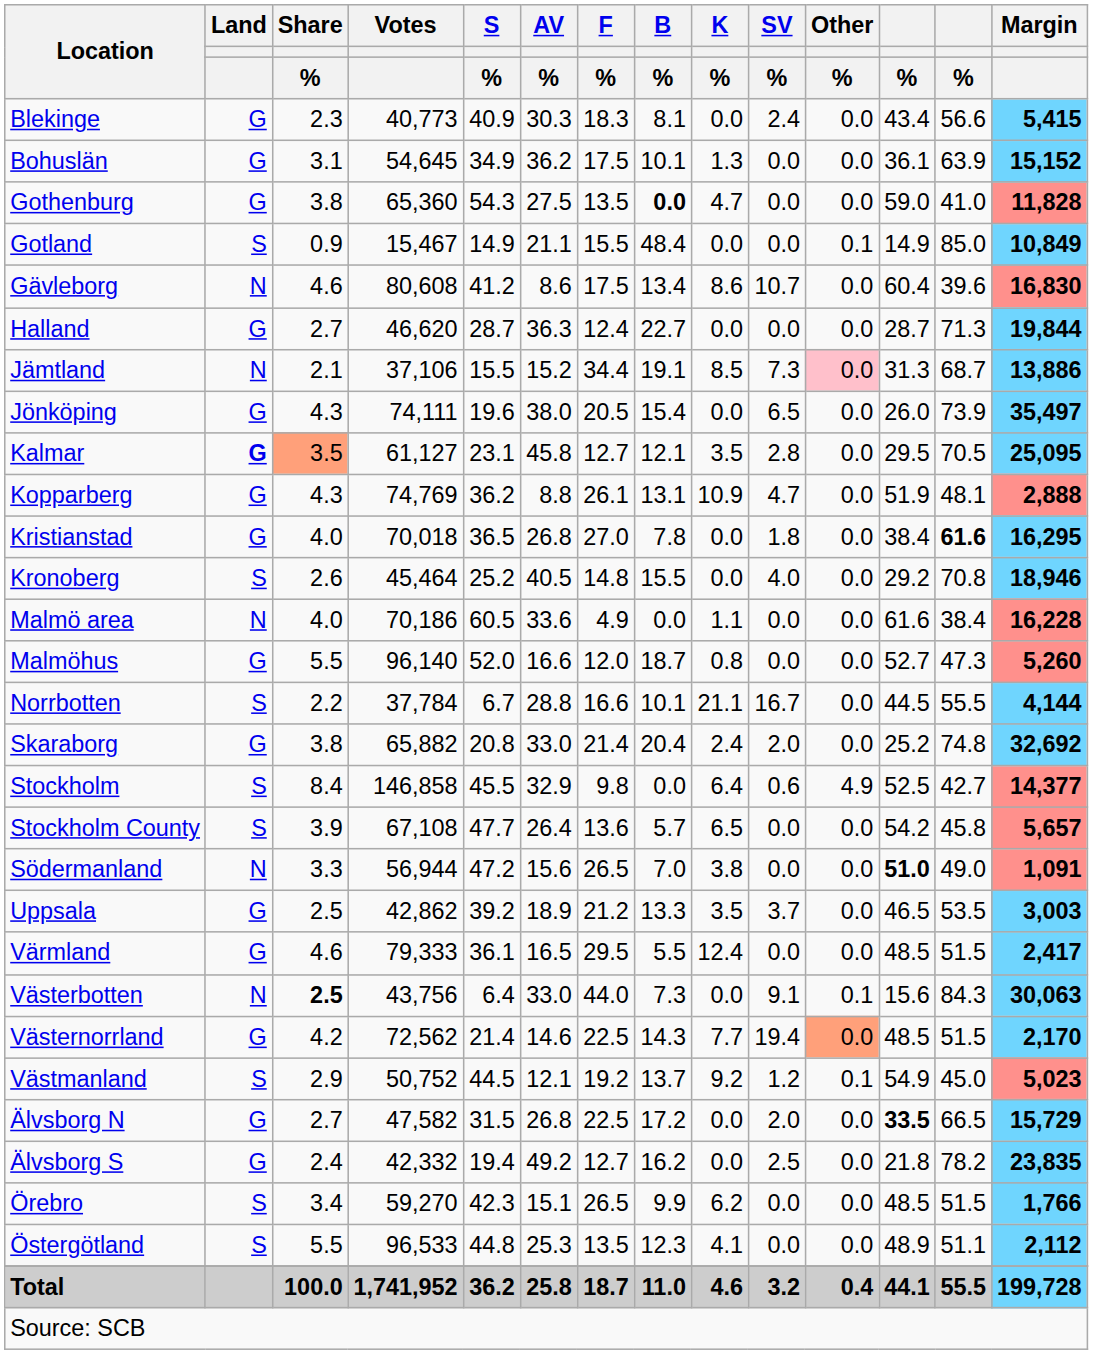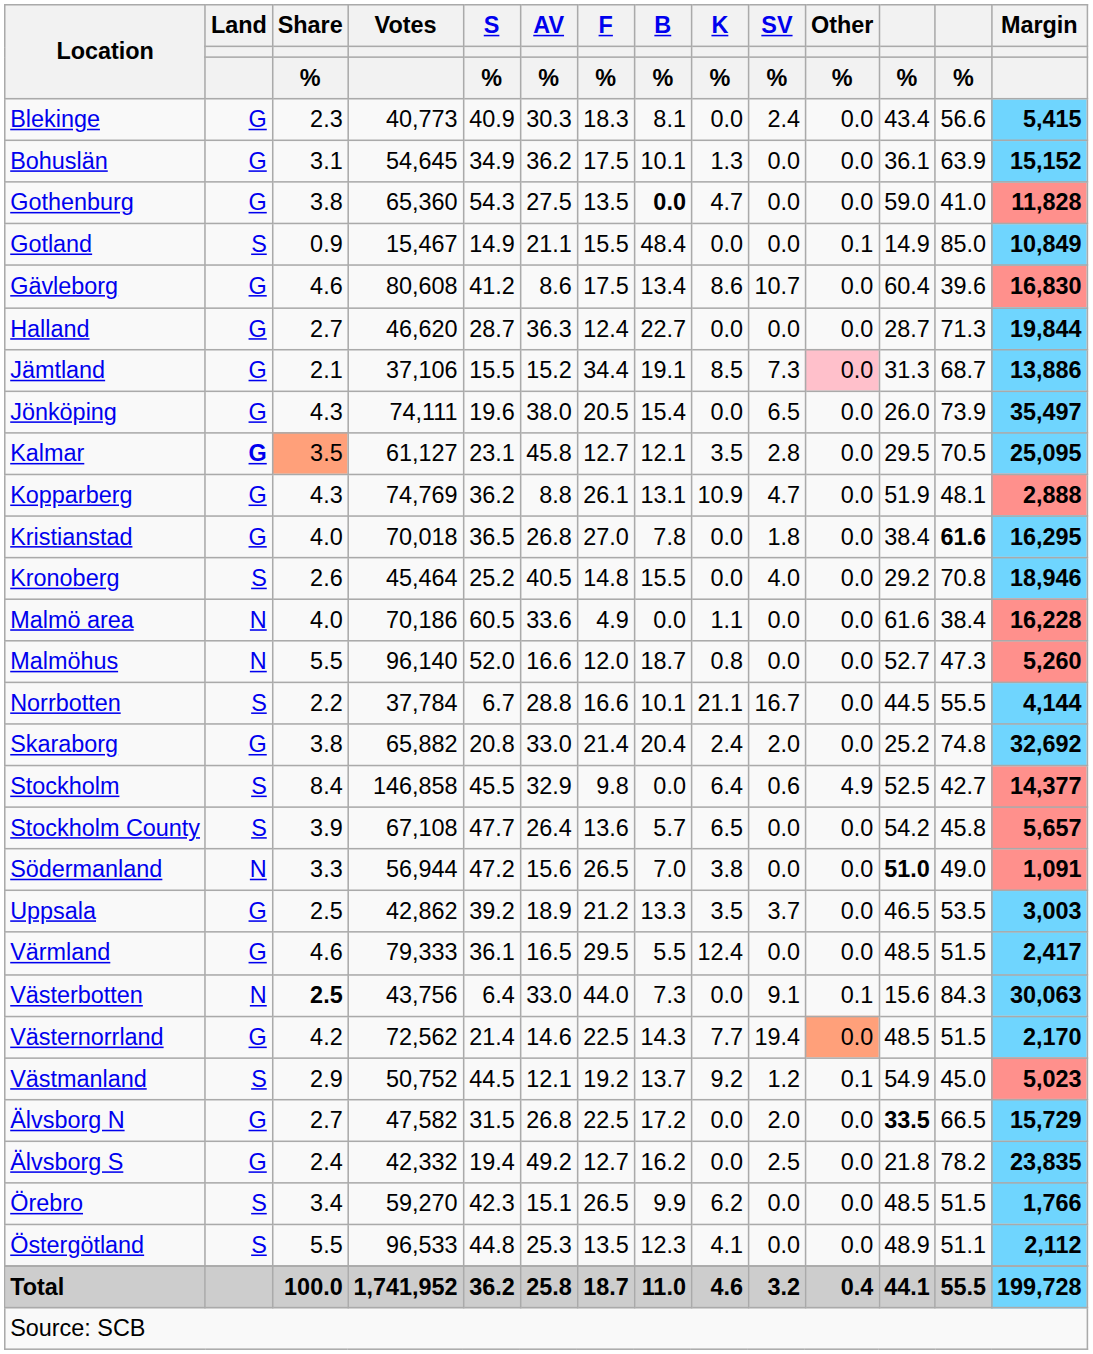 <table class="wikitable sortable" style="text-align:right; font-size:95%; line-height:20px;">
 <tr>
 <th rowspan="3">Location</th>
 <th>Land</th>
 <th>Share</th>
 <th>Votes</th>
 <th width="30px" class="unsortable"><a href='#'>S</a></th>
 <th width="30px" class="unsortable"><a href='#'>AV</a></th>
 <th width="30px" class="unsortable"><a href='#'>F</a></th>
 <th width="30px" class="unsortable"><a href='#'>B</a></th>
 <th width="30px" class="unsortable"><a href='#'>K</a></th>
 <th width="30px" class="unsortable"><a href='#'>SV</a></th>
 <th width="30px" class="unsortable">Other</th>
 <th></th>
 <th></th>
 <th>Margin</th>
 </tr>
 <tr>
 <th></th>
 <th></th>
 <th></th>
 <th style="background:"></th>
 <th style="background:"></th>
 <th style="background:"></th>
 <th style="background:"></th>
 <th style="background:"></th>
 <th style="background:"></th>
 <th style="background:"></th>
 <th style="background:"></th>
 <th style="background:"></th>
 <th></th>
 </tr>
 <tr>
 <th></th>
 <th data-sort-type="number">%</th>
 <th></th>
 <th data-sort-type="number">%</th>
 <th data-sort-type="number">%</th>
 <th data-sort-type="number">%</th>
 <th data-sort-type="number">%</th>
 <th data-sort-type="number">%</th>
 <th data-sort-type="number">%</th>
 <th data-sort-type="number">%</th>
 <th data-sort-type="number">%</th>
 <th data-sort-type="number">%</th>
 <th></th>
 </tr>
 <tr>
 <td align=left><a href='#'>Blekinge</a></td>
 <td><a href='#'>G</a></td>
 <td>2.3</td>
 <td>40,773</td>
 <td>40.9</td>
 <td>30.3</td>
 <td>18.3</td>
 <td>8.1</td>
 <td>0.0</td>
 <td>2.4</td>
 <td>0.0</td>
 <td>43.4</td>
 <td>56.6</td>
 <td bgcolor=#6fd5fe><strong>5,415</strong></td>
 </tr>
 <tr>
 <td align=left><a href='#'>Bohuslän</a></td>
 <td><a href='#'>G</a></td>
 <td>3.1</td>
 <td>54,645</td>
 <td>34.9</td>
 <td>36.2</td>
 <td>17.5</td>
 <td>10.1</td>
 <td>1.3</td>
 <td>0.0</td>
 <td>0.0</td>
 <td>36.1</td>
 <td>63.9</td>
 <td bgcolor=#6fd5fe><strong>15,152</strong></td>
 </tr>
 <tr>
 <td align=left><a href='#'>Gothenburg</a></td>
 <td><a href='#'>G</a></td>
 <td>3.8</td>
 <td>65,360</td>
 <td>54.3</td>
 <td>27.5</td>
 <td>13.5</td>
 <td><strong>0.0</strong></td>
 <td>4.7</td>
 <td>0.0</td>
 <td>0.0</td>
 <td>59.0</td>
 <td>41.0</td>
 <td bgcolor=#ff908c><strong>11,828</strong></td>
 </tr>
 <tr>
 <td align=left><a href='#'>Gotland</a></td>
 <td><a href='#'>S</a></td>
 <td>0.9</td>
 <td>15,467</td>
 <td>14.9</td>
 <td>21.1</td>
 <td>15.5</td>
 <td>48.4</td>
 <td>0.0</td>
 <td>0.0</td>
 <td>0.1</td>
 <td>14.9</td>
 <td>85.0</td>
 <td bgcolor=#6fd5fe><strong>10,849</strong></td>
 </tr>
 <tr>
 <td align=left><a href='#'>Gävleborg</a></td>
-<td><a href='#'>N</a></td>
+<td><a href='#'>G</a></td>
 <td>4.6</td>
 <td>80,608</td>
 <td>41.2</td>
 <td>8.6</td>
 <td>17.5</td>
 <td>13.4</td>
 <td>8.6</td>
 <td>10.7</td>
 <td>0.0</td>
 <td>60.4</td>
 <td>39.6</td>
 <td bgcolor=#ff908c><strong>16,830</strong></td>
 </tr>
 <tr>
 <td align=left><a href='#'>Halland</a></td>
 <td><a href='#'>G</a></td>
 <td>2.7</td>
 <td>46,620</td>
 <td>28.7</td>
 <td>36.3</td>
 <td>12.4</td>
 <td>22.7</td>
 <td>0.0</td>
 <td>0.0</td>
 <td>0.0</td>
 <td>28.7</td>
 <td>71.3</td>
 <td bgcolor=#6fd5fe><strong>19,844</strong></td>
 </tr>
 <tr>
 <td align=left><a href='#'>Jämtland</a></td>
-<td><a href='#'>N</a></td>
+<td><a href='#'>G</a></td>
 <td>2.1</td>
 <td>37,106</td>
 <td>15.5</td>
 <td>15.2</td>
 <td>34.4</td>
 <td>19.1</td>
 <td>8.5</td>
 <td>7.3</td>
 <td style="background: pink;">0.0</td>
 <td>31.3</td>
 <td>68.7</td>
 <td bgcolor=#6fd5fe><strong>13,886</strong></td>
 </tr>
 <tr>
 <td align=left><a href='#'>Jönköping</a></td>
 <td><a href='#'>G</a></td>
 <td>4.3</td>
 <td>74,111</td>
 <td>19.6</td>
 <td>38.0</td>
 <td>20.5</td>
 <td>15.4</td>
 <td>0.0</td>
 <td>6.5</td>
 <td>0.0</td>
 <td>26.0</td>
 <td>73.9</td>
 <td bgcolor=#6fd5fe><strong>35,497</strong></td>
 </tr>
 <tr>
 <td align=left><a href='#'>Kalmar</a></td>
 <td><strong><a href='#'>G</a></strong></td>
 <td style="background: lightsalmon;">3.5</td>
 <td>61,127</td>
 <td>23.1</td>
 <td>45.8</td>
 <td>12.7</td>
 <td>12.1</td>
 <td>3.5</td>
 <td>2.8</td>
 <td>0.0</td>
 <td>29.5</td>
 <td>70.5</td>
 <td bgcolor=#6fd5fe><strong>25,095</strong></td>
 </tr>
 <tr>
 <td align=left><a href='#'>Kopparberg</a></td>
 <td><a href='#'>G</a></td>
 <td>4.3</td>
 <td>74,769</td>
 <td>36.2</td>
 <td>8.8</td>
 <td>26.1</td>
 <td>13.1</td>
 <td>10.9</td>
 <td>4.7</td>
 <td>0.0</td>
 <td>51.9</td>
 <td>48.1</td>
 <td bgcolor=#ff908c><strong>2,888</strong></td>
 </tr>
 <tr>
 <td align=left><a href='#'>Kristianstad</a></td>
 <td><a href='#'>G</a></td>
 <td>4.0</td>
 <td>70,018</td>
 <td>36.5</td>
 <td>26.8</td>
 <td>27.0</td>
 <td>7.8</td>
 <td>0.0</td>
 <td>1.8</td>
 <td>0.0</td>
 <td>38.4</td>
 <td><strong>61.6</strong></td>
 <td bgcolor=#6fd5fe><strong>16,295</strong></td>
 </tr>
 <tr>
 <td align=left><a href='#'>Kronoberg</a></td>
 <td><a href='#'>S</a></td>
 <td>2.6</td>
 <td>45,464</td>
 <td>25.2</td>
 <td>40.5</td>
 <td>14.8</td>
 <td>15.5</td>
 <td>0.0</td>
 <td>4.0</td>
 <td>0.0</td>
 <td>29.2</td>
 <td>70.8</td>
 <td bgcolor=#6fd5fe><strong>18,946</strong></td>
 </tr>
 <tr>
 <td align=left><a href='#'>Malmö area</a></td>
 <td><a href='#'>N</a></td>
 <td>4.0</td>
 <td>70,186</td>
 <td>60.5</td>
 <td>33.6</td>
 <td>4.9</td>
 <td>0.0</td>
 <td>1.1</td>
 <td>0.0</td>
 <td>0.0</td>
 <td>61.6</td>
 <td>38.4</td>
 <td bgcolor=#ff908c><strong>16,228</strong></td>
 </tr>
 <tr>
 <td align=left><a href='#'>Malmöhus</a></td>
-<td><a href='#'>G</a></td>
+<td><a href='#'>N</a></td>
 <td>5.5</td>
 <td>96,140</td>
 <td>52.0</td>
 <td>16.6</td>
 <td>12.0</td>
 <td>18.7</td>
 <td>0.8</td>
 <td>0.0</td>
 <td>0.0</td>
 <td>52.7</td>
 <td>47.3</td>
 <td bgcolor=#ff908c><strong>5,260</strong></td>
 </tr>
 <tr>
 <td align=left><a href='#'>Norrbotten</a></td>
 <td><a href='#'>S</a></td>
 <td>2.2</td>
 <td>37,784</td>
 <td>6.7</td>
 <td>28.8</td>
 <td>16.6</td>
 <td>10.1</td>
 <td>21.1</td>
 <td>16.7</td>
 <td>0.0</td>
 <td>44.5</td>
 <td>55.5</td>
 <td bgcolor=#6fd5fe><strong>4,144</strong></td>
 </tr>
 <tr>
 <td align=left><a href='#'>Skaraborg</a></td>
 <td><a href='#'>G</a></td>
 <td>3.8</td>
 <td>65,882</td>
 <td>20.8</td>
 <td>33.0</td>
 <td>21.4</td>
 <td>20.4</td>
 <td>2.4</td>
 <td>2.0</td>
 <td>0.0</td>
 <td>25.2</td>
 <td>74.8</td>
 <td bgcolor=#6fd5fe><strong>32,692</strong></td>
 </tr>
 <tr>
 <td align=left><a href='#'>Stockholm</a></td>
 <td><a href='#'>S</a></td>
 <td>8.4</td>
 <td>146,858</td>
 <td>45.5</td>
 <td>32.9</td>
 <td>9.8</td>
 <td>0.0</td>
 <td>6.4</td>
 <td>0.6</td>
 <td>4.9</td>
 <td>52.5</td>
 <td>42.7</td>
 <td bgcolor=#ff908c><strong>14,377</strong></td>
 </tr>
 <tr>
 <td align=left><a href='#'>Stockholm County</a></td>
 <td><a href='#'>S</a></td>
 <td>3.9</td>
 <td>67,108</td>
 <td>47.7</td>
 <td>26.4</td>
 <td>13.6</td>
 <td>5.7</td>
 <td>6.5</td>
 <td>0.0</td>
 <td>0.0</td>
 <td>54.2</td>
 <td>45.8</td>
 <td bgcolor=#ff908c><strong>5,657</strong></td>
 </tr>
 <tr>
 <td align=left><a href='#'>Södermanland</a></td>
 <td><a href='#'>N</a></td>
 <td>3.3</td>
 <td>56,944</td>
 <td>47.2</td>
 <td>15.6</td>
 <td>26.5</td>
 <td>7.0</td>
 <td>3.8</td>
 <td>0.0</td>
 <td>0.0</td>
 <td><strong>51.0</strong></td>
 <td>49.0</td>
 <td bgcolor=#ff908c><strong>1,091</strong></td>
 </tr>
 <tr>
 <td align=left><a href='#'>Uppsala</a></td>
 <td><a href='#'>G</a></td>
 <td>2.5</td>
 <td>42,862</td>
 <td>39.2</td>
 <td>18.9</td>
 <td>21.2</td>
 <td>13.3</td>
 <td>3.5</td>
 <td>3.7</td>
 <td>0.0</td>
 <td>46.5</td>
 <td>53.5</td>
 <td bgcolor=#6fd5fe><strong>3,003</strong></td>
 </tr>
 <tr>
 <td align=left><a href='#'>Värmland</a></td>
 <td><a href='#'>G</a></td>
 <td>4.6</td>
 <td>79,333</td>
 <td>36.1</td>
 <td>16.5</td>
 <td>29.5</td>
 <td>5.5</td>
 <td>12.4</td>
 <td>0.0</td>
 <td>0.0</td>
 <td>48.5</td>
 <td>51.5</td>
 <td bgcolor=#6fd5fe><strong>2,417</strong></td>
 </tr>
 <tr>
 <td align=left><a href='#'>Västerbotten</a></td>
 <td><a href='#'>N</a></td>
 <td><strong>2.5</strong></td>
 <td>43,756</td>
 <td>6.4</td>
 <td>33.0</td>
 <td>44.0</td>
 <td>7.3</td>
 <td>0.0</td>
 <td>9.1</td>
 <td>0.1</td>
 <td>15.6</td>
 <td>84.3</td>
 <td bgcolor=#6fd5fe><strong>30,063</strong></td>
 </tr>
 <tr>
 <td align=left><a href='#'>Västernorrland</a></td>
 <td><a href='#'>G</a></td>
 <td>4.2</td>
 <td>72,562</td>
 <td>21.4</td>
 <td>14.6</td>
 <td>22.5</td>
 <td>14.3</td>
 <td>7.7</td>
 <td>19.4</td>
 <td style="background: lightsalmon;">0.0</td>
 <td>48.5</td>
 <td>51.5</td>
 <td bgcolor=#6fd5fe><strong>2,170</strong></td>
 </tr>
 <tr>
 <td align=left><a href='#'>Västmanland</a></td>
 <td><a href='#'>S</a></td>
 <td>2.9</td>
 <td>50,752</td>
 <td>44.5</td>
 <td>12.1</td>
 <td>19.2</td>
 <td>13.7</td>
 <td>9.2</td>
 <td>1.2</td>
 <td>0.1</td>
 <td>54.9</td>
 <td>45.0</td>
 <td bgcolor=#ff908c><strong>5,023</strong></td>
 </tr>
 <tr>
 <td align=left><a href='#'>Älvsborg N</a></td>
 <td><a href='#'>G</a></td>
 <td>2.7</td>
 <td>47,582</td>
 <td>31.5</td>
 <td>26.8</td>
 <td>22.5</td>
 <td>17.2</td>
 <td>0.0</td>
 <td>2.0</td>
 <td>0.0</td>
 <td><strong>33.5</strong></td>
 <td>66.5</td>
 <td bgcolor=#6fd5fe><strong>15,729</strong></td>
 </tr>
 <tr>
 <td align=left><a href='#'>Älvsborg S</a></td>
 <td><a href='#'>G</a></td>
 <td>2.4</td>
 <td>42,332</td>
 <td>19.4</td>
 <td>49.2</td>
 <td>12.7</td>
 <td>16.2</td>
 <td>0.0</td>
 <td>2.5</td>
 <td>0.0</td>
 <td>21.8</td>
 <td>78.2</td>
 <td bgcolor=#6fd5fe><strong>23,835</strong></td>
 </tr>
 <tr>
 <td align=left><a href='#'>Örebro</a></td>
 <td><a href='#'>S</a></td>
 <td>3.4</td>
 <td>59,270</td>
 <td>42.3</td>
 <td>15.1</td>
 <td>26.5</td>
 <td>9.9</td>
 <td>6.2</td>
 <td>0.0</td>
 <td>0.0</td>
 <td>48.5</td>
 <td>51.5</td>
 <td bgcolor=#6fd5fe><strong>1,766</strong></td>
 </tr>
 <tr>
 <td align=left><a href='#'>Östergötland</a></td>
 <td><a href='#'>S</a></td>
 <td>5.5</td>
 <td>96,533</td>
 <td>44.8</td>
 <td>25.3</td>
 <td>13.5</td>
 <td>12.3</td>
 <td>4.1</td>
 <td>0.0</td>
 <td>0.0</td>
 <td>48.9</td>
 <td>51.1</td>
 <td bgcolor=#6fd5fe><strong>2,112</strong></td>
 </tr>
 <tr>
 </tr>
 <tr style="background:#CDCDCD;">
 <td align=left><strong>Total</strong></td>
 <td></td>
 <td><strong>100.0</strong></td>
 <td><strong>1,741,952</strong></td>
 <td><strong>36.2</strong></td>
 <td><strong>25.8</strong></td>
 <td><strong>18.7</strong></td>
 <td><strong>11.0</strong></td>
 <td><strong>4.6</strong></td>
 <td><strong>3.2</strong></td>
 <td><strong>0.4</strong></td>
 <td><strong>44.1</strong></td>
 <td><strong>55.5</strong></td>
 <td bgcolor=#6fd5fe><strong>199,728</strong></td>
 </tr>
 <tr>
 <td align=left colspan=14>Source: SCB </td>
 </tr>
 </table>
